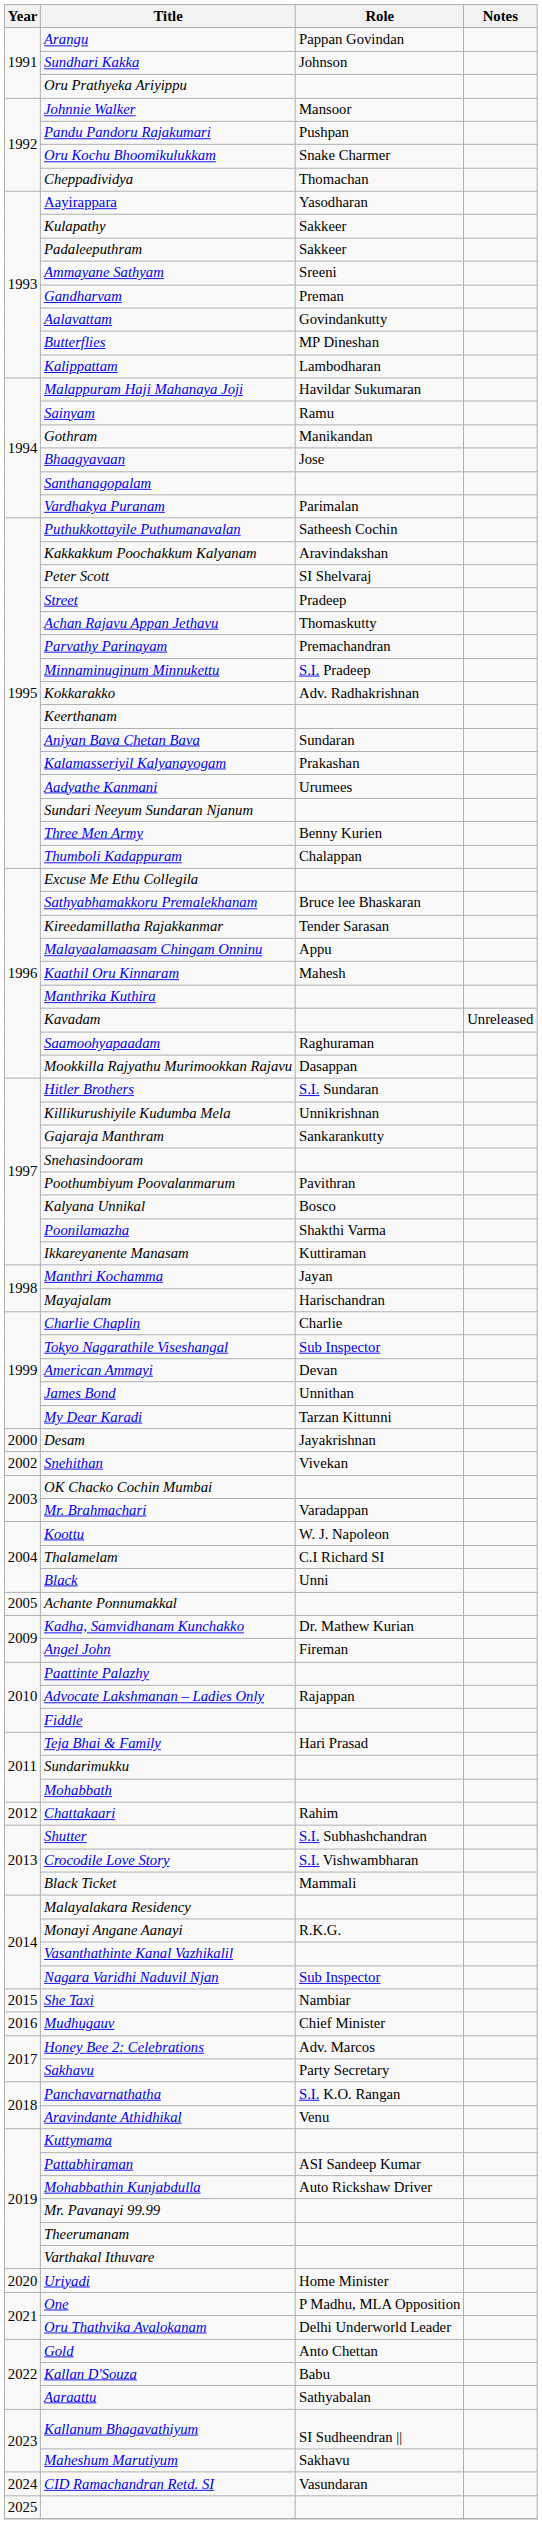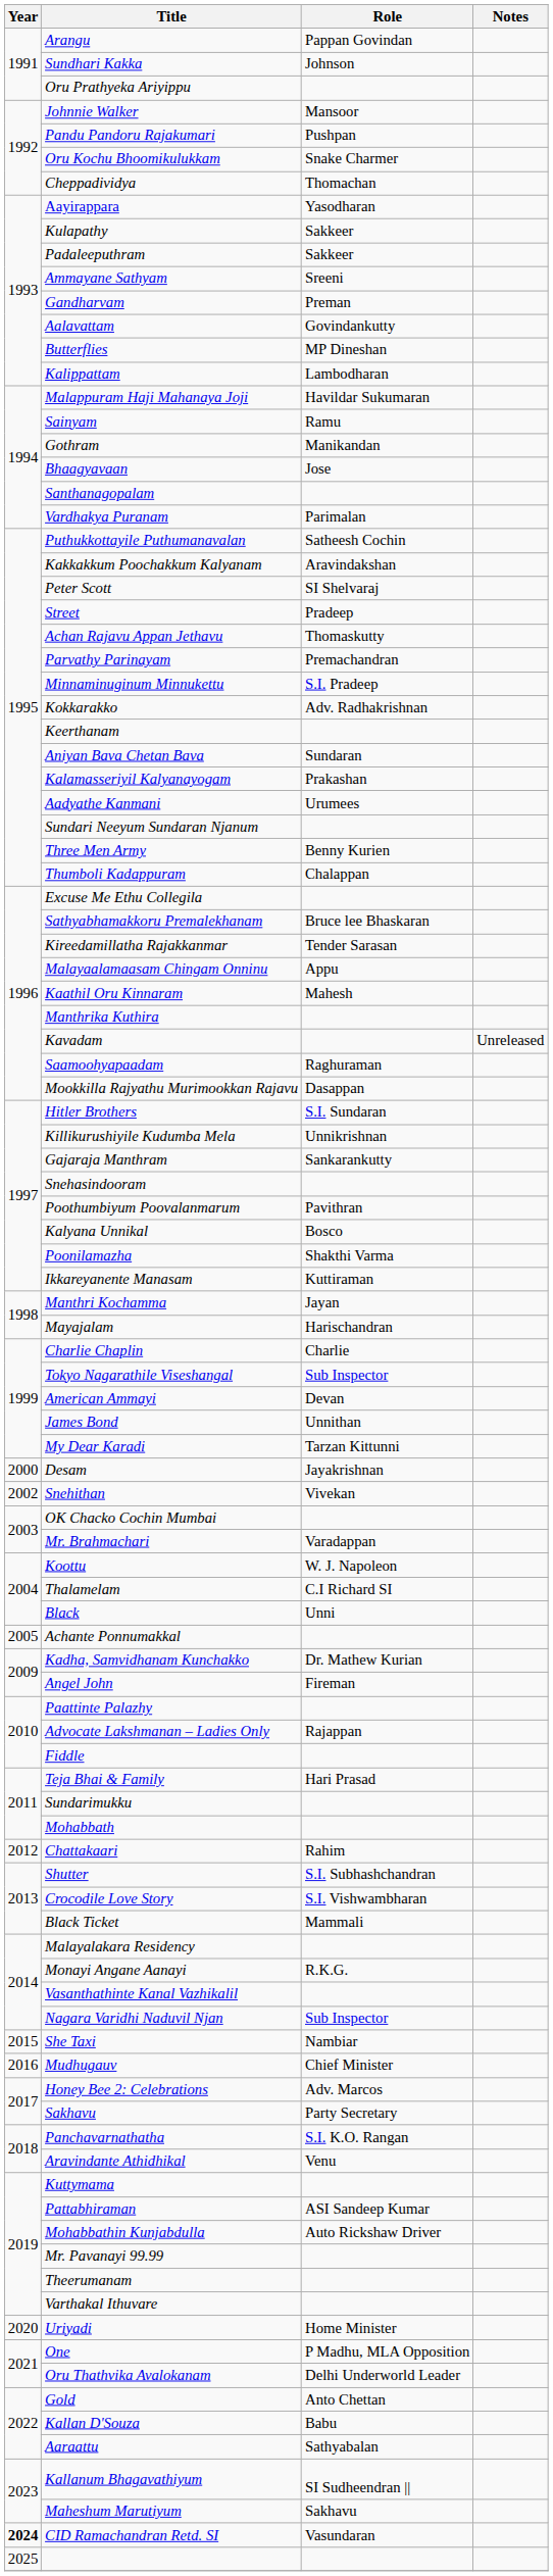 <table class="wikitable sortable">
 <tr>
 <th>Year</th>
 <th>Title</th>
 <th>Role</th>
 <th class="unsortable">Notes</th>
 </tr>
 <tr>
 <td rowspan=3>1991</td>
 <td><em><a href='#'>Arangu</a></em></td>
 <td>Pappan Govindan</td>
 <td></td>
 </tr>
 <tr>
 <td><em><a href='#'>Sundhari Kakka</a></em></td>
 <td>Johnson</td>
 <td></td>
 </tr>
 <tr>
 <td><em>Oru Prathyeka Ariyippu</em></td>
 <td></td>
 <td></td>
 </tr>
 <tr>
 <td rowspan=4>1992</td>
 <td><em><a href='#'>Johnnie Walker</a></em></td>
 <td>Mansoor</td>
 <td></td>
 </tr>
 <tr>
 <td><em><a href='#'>Pandu Pandoru Rajakumari</a></em></td>
 <td>Pushpan</td>
 <td></td>
 </tr>
 <tr>
 <td><em><a href='#'>Oru Kochu Bhoomikulukkam</a></em></td>
 <td>Snake Charmer</td>
 <td></td>
 </tr>
 <tr>
 <td><em>Cheppadividya</em></td>
 <td>Thomachan</td>
 <td></td>
 </tr>
 <tr>
 <td rowspan=8>1993</td>
 <td><a href='#'>Aayirappara</a></td>
 <td>Yasodharan</td>
 <td></td>
 </tr>
 <tr>
 <td><em>Kulapathy</em></td>
 <td>Sakkeer</td>
 <td></td>
 </tr>
 <tr>
 <td><em>Padaleeputhram</em></td>
 <td>Sakkeer</td>
 <td></td>
 </tr>
 <tr>
 <td><em><a href='#'>Ammayane Sathyam</a></em></td>
 <td>Sreeni</td>
 <td></td>
 </tr>
 <tr>
 <td><em><a href='#'>Gandharvam</a></em></td>
 <td>Preman</td>
 <td></td>
 </tr>
 <tr>
 <td><em><a href='#'>Aalavattam</a></em></td>
 <td>Govindankutty</td>
 <td></td>
 </tr>
 <tr>
 <td><em><a href='#'>Butterflies</a></em></td>
 <td>MP Dineshan</td>
 <td></td>
 </tr>
 <tr>
 <td><em><a href='#'>Kalippattam</a></em></td>
 <td>Lambodharan</td>
 <td></td>
 </tr>
 <tr>
 <td rowspan=6>1994</td>
 <td><em><a href='#'>Malappuram Haji Mahanaya Joji</a></em></td>
 <td>Havildar Sukumaran</td>
 <td></td>
 </tr>
 <tr>
 <td><em><a href='#'>Sainyam</a></em></td>
 <td>Ramu</td>
 <td></td>
 </tr>
 <tr>
 <td><em>Gothram</em></td>
 <td>Manikandan</td>
 <td></td>
 </tr>
 <tr>
 <td><em><a href='#'>Bhaagyavaan</a></em></td>
 <td>Jose</td>
 <td></td>
 </tr>
 <tr>
 <td><em><a href='#'>Santhanagopalam</a></em></td>
 <td></td>
 <td></td>
 </tr>
 <tr>
 <td><em><a href='#'>Vardhakya Puranam</a></em></td>
 <td>Parimalan</td>
 <td></td>
 </tr>
 <tr>
 <td rowspan=15>1995</td>
 <td><em><a href='#'>Puthukkottayile Puthumanavalan</a></em></td>
 <td>Satheesh Cochin</td>
 <td></td>
 </tr>
 <tr>
 <td><em>Kakkakkum Poochakkum Kalyanam</em></td>
 <td>Aravindakshan</td>
 <td></td>
 </tr>
 <tr>
 <td><em>Peter Scott</em></td>
 <td>SI Shelvaraj</td>
 <td></td>
 </tr>
 <tr>
 <td><em><a href='#'>Street</a></em></td>
 <td>Pradeep</td>
 <td></td>
 </tr>
 <tr>
 <td><em><a href='#'>Achan Rajavu Appan Jethavu</a></em></td>
 <td>Thomaskutty</td>
 <td></td>
 </tr>
 <tr>
 <td><em><a href='#'>Parvathy Parinayam</a></em></td>
 <td>Premachandran</td>
 <td></td>
 </tr>
 <tr>
 <td><em><a href='#'>Minnaminuginum Minnukettu</a></em></td>
 <td><a href='#'>S.I.</a> Pradeep</td>
 <td></td>
 </tr>
 <tr>
 <td><em>Kokkarakko</em></td>
 <td>Adv. Radhakrishnan</td>
 <td></td>
 </tr>
 <tr>
 <td><em>Keerthanam</em></td>
 <td></td>
 <td></td>
 </tr>
 <tr>
 <td><em><a href='#'>Aniyan Bava Chetan Bava</a></em></td>
 <td>Sundaran</td>
 <td></td>
 </tr>
 <tr>
 <td><em><a href='#'>Kalamasseriyil Kalyanayogam</a></em></td>
 <td>Prakashan</td>
 <td></td>
 </tr>
 <tr>
 <td><em><a href='#'>Aadyathe Kanmani</a></em></td>
 <td>Urumees</td>
 <td></td>
 </tr>
 <tr>
 <td><em>Sundari Neeyum Sundaran Njanum</em></td>
 <td></td>
 <td></td>
 </tr>
 <tr>
 <td><em><a href='#'>Three Men Army</a></em></td>
 <td>Benny Kurien</td>
 <td></td>
 </tr>
 <tr>
 <td><em><a href='#'>Thumboli Kadappuram</a></em></td>
 <td>Chalappan</td>
 <td></td>
 </tr>
 <tr>
 <td rowspan=9>1996</td>
 <td><em>Excuse Me Ethu Collegila</em></td>
 <td></td>
 <td></td>
 </tr>
 <tr>
 <td><em><a href='#'>Sathyabhamakkoru Premalekhanam</a></em></td>
 <td>Bruce lee Bhaskaran</td>
 <td></td>
 </tr>
 <tr>
 <td><em>Kireedamillatha Rajakkanmar</em></td>
 <td>Tender Sarasan</td>
 <td></td>
 </tr>
 <tr>
 <td><em><a href='#'>Malayaalamaasam Chingam Onninu</a></em></td>
 <td>Appu</td>
 <td></td>
 </tr>
 <tr>
 <td><em><a href='#'>Kaathil Oru Kinnaram</a></em></td>
 <td>Mahesh</td>
 <td></td>
 </tr>
 <tr>
 <td><em><a href='#'>Manthrika Kuthira</a></em></td>
 <td></td>
 <td></td>
 </tr>
 <tr>
 <td><em>Kavadam</em></td>
 <td></td>
 <td>Unreleased</td>
 </tr>
 <tr>
 <td><em><a href='#'>Saamoohyapaadam</a></em></td>
 <td>Raghuraman</td>
 <td></td>
 </tr>
 <tr>
 <td><em>Mookkilla Rajyathu Murimookkan Rajavu</em></td>
 <td>Dasappan</td>
 <td></td>
 </tr>
 <tr>
 <td rowspan=8>1997</td>
 <td><em><a href='#'>Hitler Brothers</a></em></td>
 <td><a href='#'>S.I.</a> Sundaran</td>
 <td></td>
 </tr>
 <tr>
 <td><em>Killikurushiyile Kudumba Mela</em></td>
 <td>Unnikrishnan</td>
 <td></td>
 </tr>
 <tr>
 <td><em>Gajaraja Manthram</em></td>
 <td>Sankarankutty</td>
 <td></td>
 </tr>
 <tr>
 <td><em>Snehasindooram</em></td>
 <td></td>
 <td></td>
 </tr>
 <tr>
 <td><em>Poothumbiyum Poovalanmarum</em></td>
 <td>Pavithran</td>
 <td></td>
 </tr>
 <tr>
 <td><em>Kalyana Unnikal</em></td>
 <td>Bosco</td>
 <td></td>
 </tr>
 <tr>
 <td><em><a href='#'>Poonilamazha</a></em></td>
 <td>Shakthi Varma</td>
 <td></td>
 </tr>
 <tr>
 <td><em>Ikkareyanente Manasam</em></td>
 <td>Kuttiraman</td>
 <td></td>
 </tr>
 <tr>
 <td rowspan=2>1998</td>
 <td><em><a href='#'>Manthri Kochamma</a></em></td>
 <td>Jayan</td>
 <td></td>
 </tr>
 <tr>
 <td><em>Mayajalam</em></td>
 <td>Harischandran</td>
 <td></td>
 </tr>
 <tr>
 <td rowspan=5>1999</td>
 <td><em><a href='#'>Charlie Chaplin</a></em></td>
 <td>Charlie</td>
 <td></td>
 </tr>
 <tr>
 <td><em><a href='#'>Tokyo Nagarathile Viseshangal</a></em></td>
 <td><a href='#'>Sub Inspector</a></td>
 <td></td>
 </tr>
 <tr>
 <td><em><a href='#'>American Ammayi</a></em></td>
 <td>Devan</td>
 <td></td>
 </tr>
 <tr>
 <td><em><a href='#'>James Bond</a></em></td>
 <td>Unnithan</td>
 <td></td>
 </tr>
 <tr>
 <td><em><a href='#'>My Dear Karadi</a></em></td>
 <td>Tarzan Kittunni</td>
 <td></td>
 </tr>
 <tr>
 <td>2000</td>
 <td><em>Desam</em></td>
 <td>Jayakrishnan</td>
 <td></td>
 </tr>
 <tr>
 <td>2002</td>
 <td><em><a href='#'>Snehithan</a></em></td>
 <td>Vivekan</td>
 <td></td>
 </tr>
 <tr>
 <td rowspan=2>2003</td>
 <td><em>OK Chacko Cochin Mumbai</em></td>
 <td></td>
 <td></td>
 </tr>
 <tr>
 <td><em><a href='#'>Mr. Brahmachari</a></em></td>
 <td>Varadappan</td>
 <td></td>
 </tr>
 <tr>
 <td rowspan=3>2004</td>
 <td><em><a href='#'>Koottu</a></em></td>
 <td>W. J. Napoleon</td>
 <td></td>
 </tr>
 <tr>
 <td><em>Thalamelam</em></td>
 <td>C.I Richard SI</td>
 <td></td>
 </tr>
 <tr>
 <td><em><a href='#'>Black</a></em></td>
 <td>Unni</td>
 <td></td>
 </tr>
 <tr>
 <td>2005</td>
 <td><em>Achante Ponnumakkal</em></td>
 <td></td>
 <td></td>
 </tr>
 <tr>
 <td rowspan=2>2009</td>
 <td><em><a href='#'>Kadha, Samvidhanam Kunchakko</a></em></td>
 <td>Dr. Mathew Kurian</td>
 <td></td>
 </tr>
 <tr>
 <td><em><a href='#'>Angel John</a></em></td>
 <td>Fireman</td>
 <td></td>
 </tr>
 <tr>
 <td rowspan=3>2010</td>
 <td><em><a href='#'>Paattinte Palazhy</a></em></td>
 <td></td>
 <td></td>
 </tr>
 <tr>
 <td><em><a href='#'>Advocate Lakshmanan – Ladies Only</a></em></td>
 <td>Rajappan</td>
 <td></td>
 </tr>
 <tr>
 <td><em><a href='#'>Fiddle</a></em></td>
 <td></td>
 <td></td>
 </tr>
 <tr>
 <td rowspan=3>2011</td>
 <td><em><a href='#'>Teja Bhai & Family</a></em></td>
 <td>Hari Prasad</td>
 <td></td>
 </tr>
 <tr>
 <td><em>Sundarimukku</em></td>
 <td></td>
 <td></td>
 </tr>
 <tr>
 <td><em><a href='#'>Mohabbath</a></em></td>
 <td></td>
 <td></td>
 </tr>
 <tr>
 <td>2012</td>
 <td><em><a href='#'>Chattakaari</a></em></td>
 <td>Rahim</td>
 <td></td>
 </tr>
 <tr>
 <td rowspan=3>2013</td>
 <td><em><a href='#'>Shutter</a></em></td>
 <td><a href='#'>S.I.</a> Subhashchandran</td>
 <td></td>
 </tr>
 <tr>
 <td><em><a href='#'>Crocodile Love Story</a></em></td>
 <td><a href='#'>S.I.</a> Vishwambharan</td>
 <td></td>
 </tr>
 <tr>
 <td><em>Black Ticket</em></td>
 <td>Mammali</td>
 <td></td>
 </tr>
 <tr>
 <td rowspan=4>2014</td>
 <td><em>Malayalakara Residency</em></td>
 <td></td>
 <td></td>
 </tr>
 <tr>
 <td><em>Monayi Angane Aanayi</em></td>
 <td>R.K.G.</td>
 <td></td>
 </tr>
 <tr>
 <td><em><a href='#'>Vasanthathinte Kanal Vazhikalil</a></em></td>
 <td></td>
 <td></td>
 </tr>
 <tr>
 <td><em><a href='#'>Nagara Varidhi Naduvil Njan</a></em></td>
 <td><a href='#'>Sub Inspector</a></td>
 <td></td>
 </tr>
 <tr>
 <td>2015</td>
 <td><em><a href='#'>She Taxi</a></em></td>
 <td>Nambiar</td>
 <td></td>
 </tr>
 <tr>
 <td>2016</td>
 <td><em><a href='#'>Mudhugauv</a></em></td>
 <td>Chief Minister</td>
 <td></td>
 </tr>
 <tr>
 <td rowspan=2>2017</td>
 <td><em><a href='#'>Honey Bee 2: Celebrations</a></em></td>
 <td>Adv. Marcos</td>
 <td></td>
 </tr>
 <tr>
 <td><em><a href='#'>Sakhavu</a></em></td>
 <td>Party Secretary</td>
 <td></td>
 </tr>
 <tr>
 <td rowspan=2>2018</td>
 <td><em><a href='#'>Panchavarnathatha</a></em></td>
 <td><a href='#'>S.I.</a> K.O. Rangan</td>
 <td></td>
 </tr>
 <tr>
 <td><em><a href='#'>Aravindante Athidhikal</a></em></td>
 <td>Venu</td>
 <td></td>
 </tr>
 <tr>
 <td rowspan=6>2019</td>
 <td><em><a href='#'>Kuttymama</a></em></td>
 <td></td>
 <td></td>
 </tr>
 <tr>
 <td><em><a href='#'>Pattabhiraman</a></em></td>
 <td>ASI Sandeep Kumar</td>
 <td></td>
 </tr>
 <tr>
 <td><em><a href='#'>Mohabbathin Kunjabdulla</a></em></td>
 <td>Auto Rickshaw Driver</td>
 <td></td>
 </tr>
 <tr>
 <td><em>Mr. Pavanayi 99.99</em></td>
 <td></td>
 <td></td>
 </tr>
 <tr>
 <td><em>Theerumanam</em></td>
 <td></td>
 <td></td>
 </tr>
 <tr>
 <td><em>Varthakal Ithuvare</em></td>
 <td></td>
 <td></td>
 </tr>
 <tr>
 <td>2020</td>
 <td><em><a href='#'>Uriyadi</a></em></td>
 <td>Home Minister</td>
 <td></td>
 </tr>
 <tr>
 <td rowspan=2>2021</td>
 <td><em><a href='#'>One</a></em></td>
 <td>P Madhu, MLA Opposition</td>
 <td></td>
 </tr>
 <tr>
 <td><em><a href='#'>Oru Thathvika Avalokanam</a></em></td>
 <td>Delhi Underworld Leader</td>
 <td></td>
 </tr>
 <tr>
 <td rowspan=3>2022</td>
 <td><em><a href='#'>Gold</a></em></td>
 <td>Anto Chettan</td>
 <td></td>
 </tr>
 <tr>
 <td><em><a href='#'>Kallan D'Souza</a></em></td>
 <td>Babu</td>
 <td></td>
 </tr>
 <tr>
 <td><em><a href='#'>Aaraattu</a></em></td>
 <td>Sathyabalan</td>
 <td></td>
 </tr>
 <tr>
 <td rowspan=2>2023</td>
 <td><em><a href='#'>Kallanum Bhagavathiyum</a></em></td>
 <td><br>SI Sudheendran ||</td>
 </tr>
 <tr>
 <td><em><a href='#'>Maheshum Marutiyum</a></em></td>
 <td>Sakhavu</td>
 <td></td>
 </tr>
 <tr>
-<td>2024</td>
+<td><strong>2024</strong></td>
 <td><em><a href='#'>CID Ramachandran Retd. SI</a></em></td>
 <td>Vasundaran</td>
 <td></td>
 </tr>
 <tr>
 <td>2025</td>
 <td></td>
 <td></td>
 <td></td>
 </tr>
 <tr>
 </tr>
 </table>
